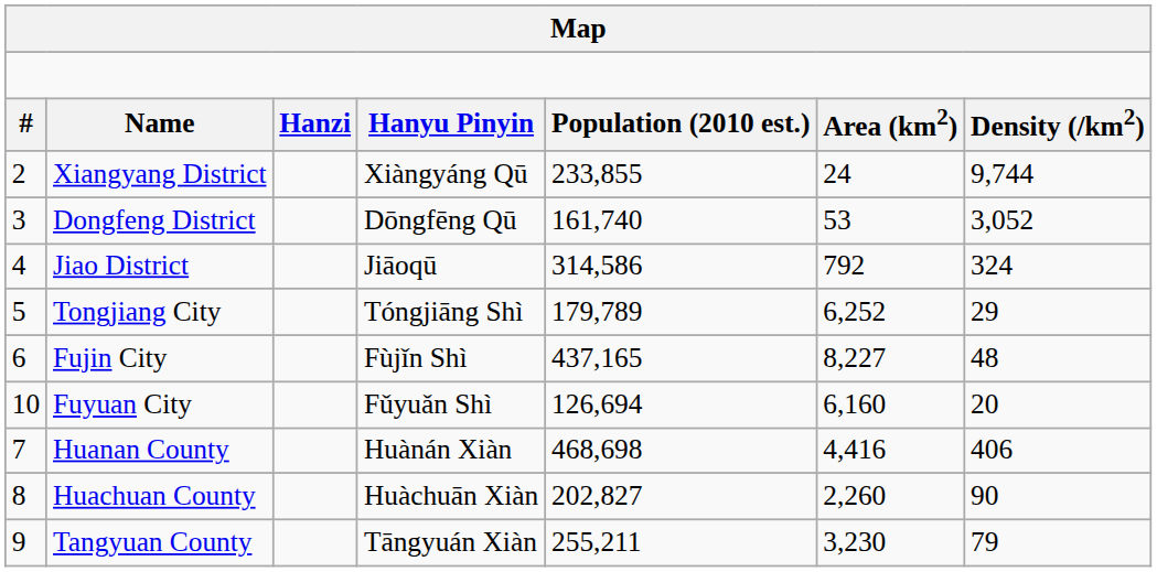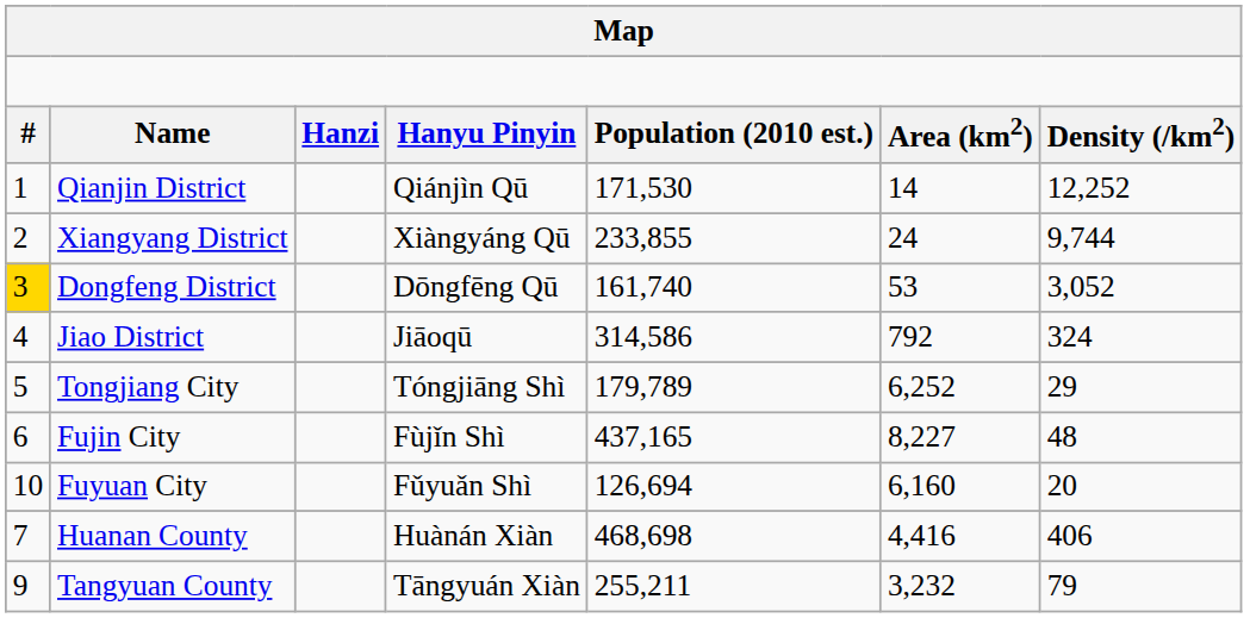 <table class="wikitable"  style="font-size:90%;" align=center>
 <tr>
 <th colspan="7">Map</th>
 </tr>
 <tr>
 <td colspan="7" align="center"><div><br>                </div></td>
 </tr>
 <tr>
 <th>#</th>
 <th>Name</th>
 <th><a href='#'>Hanzi</a></th>
 <th><a href='#'>Hanyu Pinyin</a></th>
 <th>Population (2010 est.)</th>
 <th>Area (km<sup>2</sup>)</th>
 <th>Density (/km<sup>2</sup>)</th>
 </tr>
 <tr --------->
+<td>1</td>
+<td><a href='#'>Qianjin District</a></td>
+<td></td>
+<td>Qiánjìn Qū</td>
+<td>171,530</td>
+<td>14</td>
+<td>12,252</td>
+</tr>
+<tr --------->
 <td>2</td>
 <td><a href='#'>Xiangyang District</a></td>
 <td></td>
 <td>Xiàngyáng Qū</td>
 <td>233,855</td>
 <td>24</td>
 <td>9,744</td>
 </tr>
 <tr --------->
-<td>3</td>
+<td style="background: gold;">3</td>
 <td><a href='#'>Dongfeng District</a></td>
 <td></td>
 <td>Dōngfēng Qū</td>
 <td>161,740</td>
 <td>53</td>
 <td>3,052</td>
 </tr>
 <tr --------->
 <td>4</td>
 <td><a href='#'>Jiao District</a></td>
 <td></td>
 <td>Jiāoqū</td>
 <td>314,586</td>
 <td>792</td>
 <td>324</td>
 </tr>
 <tr --------->
 <td>5</td>
 <td><a href='#'>Tongjiang</a> City</td>
 <td></td>
 <td>Tóngjiāng Shì</td>
 <td>179,789</td>
 <td>6,252</td>
 <td>29</td>
 </tr>
 <tr --------->
 <td>6</td>
 <td><a href='#'>Fujin</a> City</td>
 <td></td>
 <td>Fùjǐn Shì</td>
 <td>437,165</td>
 <td>8,227</td>
 <td>48</td>
 </tr>
 <tr --------->
 <td>10</td>
 <td><a href='#'>Fuyuan</a> City</td>
 <td></td>
 <td>Fǔyuǎn Shì</td>
 <td>126,694</td>
 <td>6,160</td>
 <td>20</td>
 </tr>
 <tr --------->
 <td>7</td>
 <td><a href='#'>Huanan County</a></td>
 <td></td>
 <td>Huànán Xiàn</td>
 <td>468,698</td>
 <td>4,416</td>
 <td>406</td>
 </tr>
 <tr --------->
-<td>8</td>
-<td><a href='#'>Huachuan County</a></td>
-<td></td>
-<td>Huàchuān Xiàn</td>
-<td>202,827</td>
-<td>2,260</td>
-<td>90</td>
-</tr>
-<tr --------->
 <td>9</td>
 <td><a href='#'>Tangyuan County</a></td>
 <td></td>
 <td>Tāngyuán Xiàn</td>
 <td>255,211</td>
-<td>3,230</td>
+<td>3,232</td>
 <td>79</td>
 </tr>
 </table>
